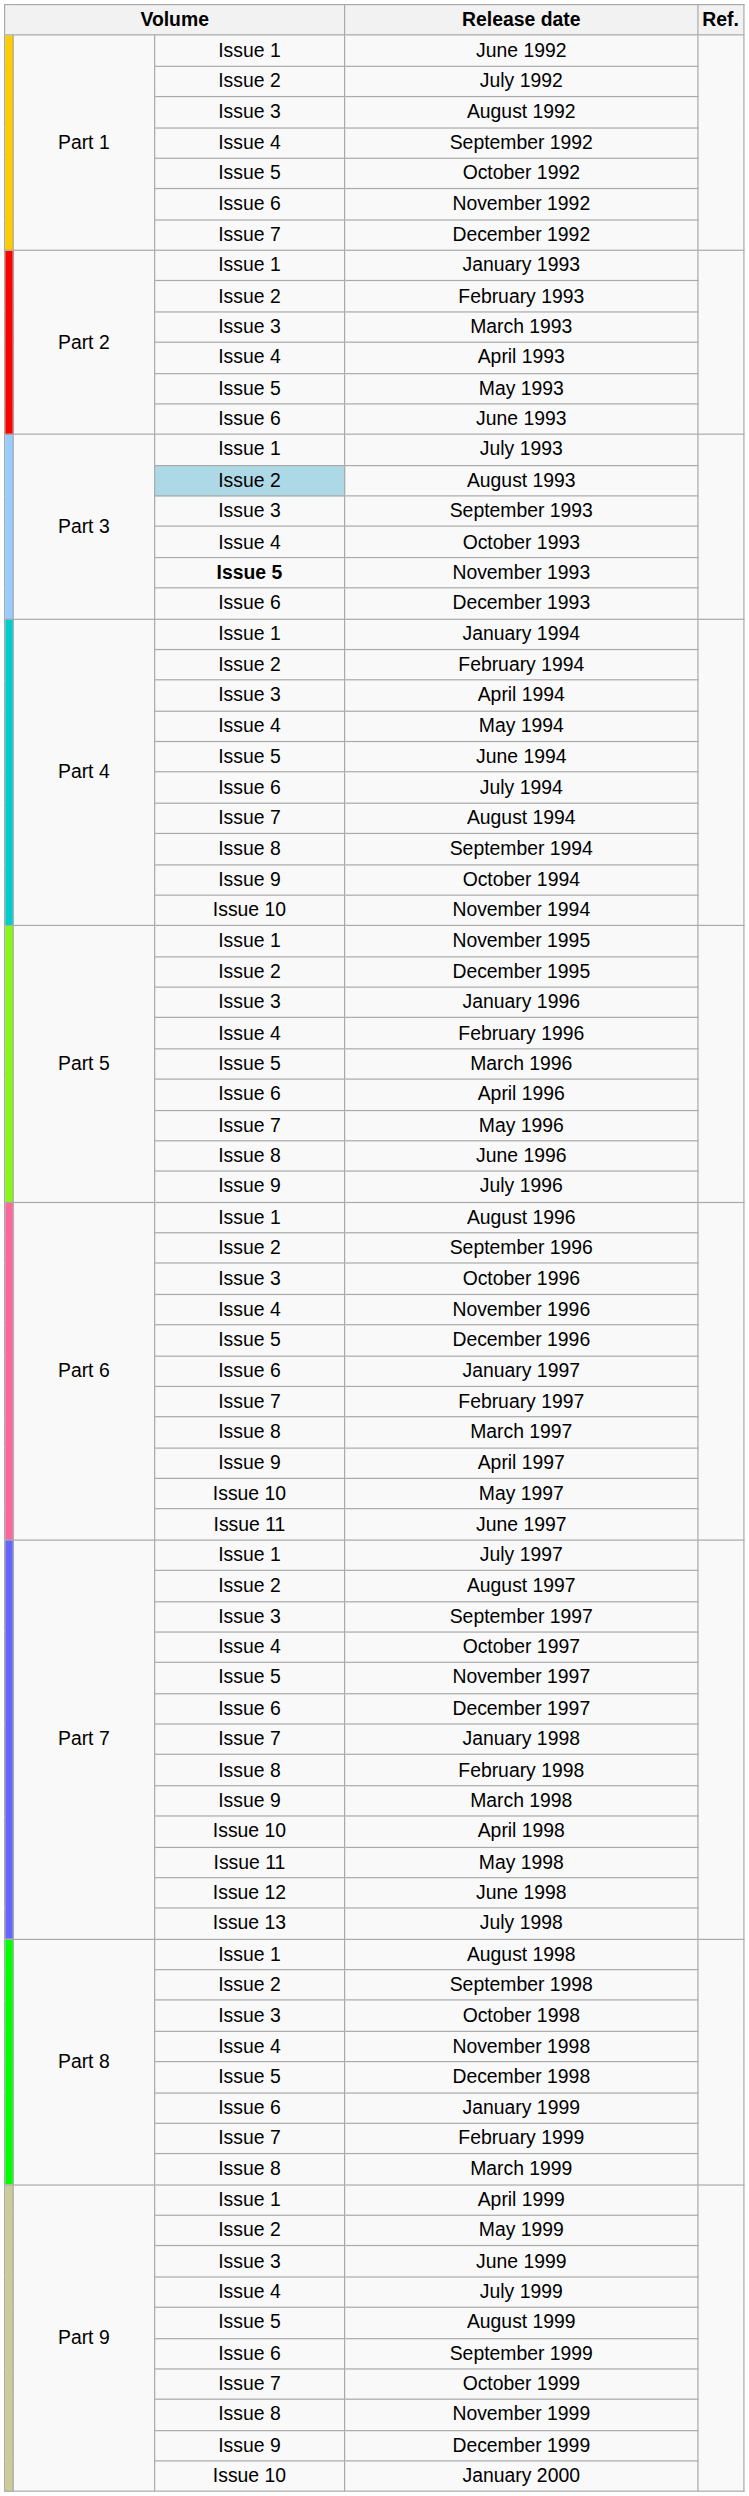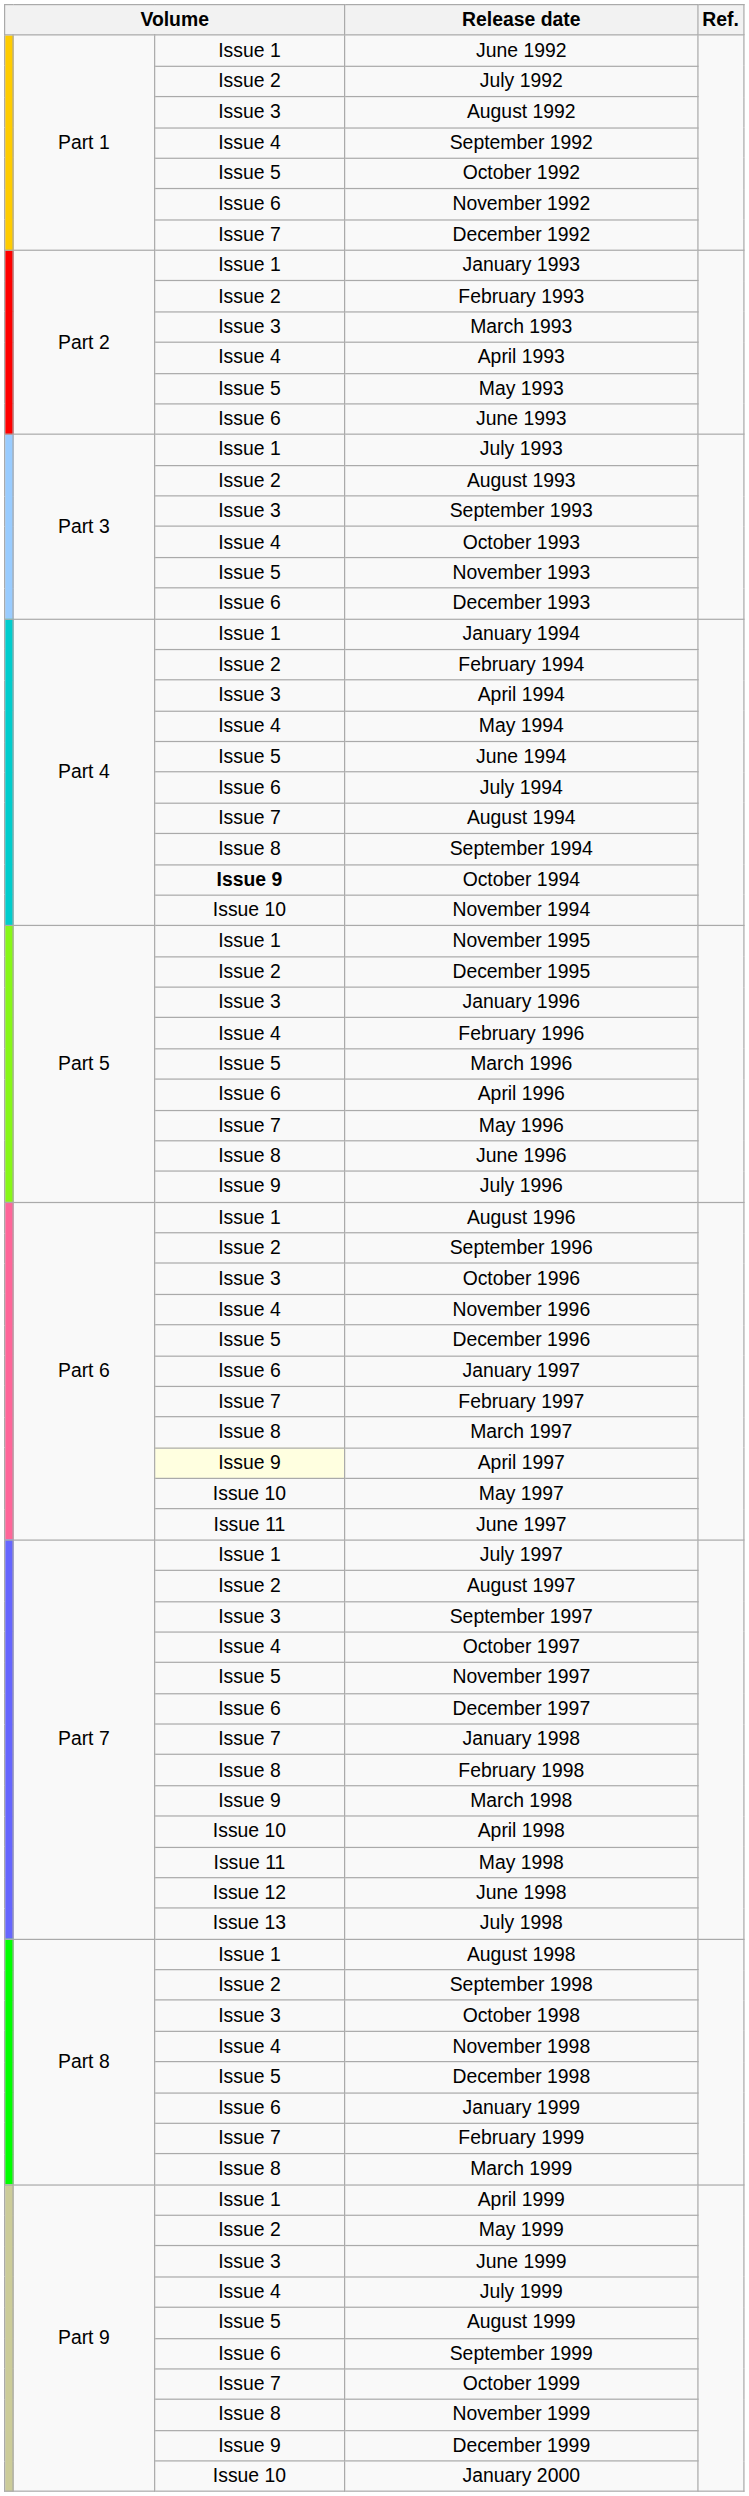 <table class="wikitable" style="text-align: center; width: 98%;">
 <tr>
 <th colspan="3">Volume</th>
 <th>Release date</th>
 <th width="5%">Ref.</th>
 </tr>
 <tr>
 <td rowspan="7" width="1%" style="background: #FFCC00;"></td>
 <td rowspan="7">Part 1</td>
 <td>Issue 1</td>
 <td>June 1992</td>
 <td rowspan="7"></td>
 </tr>
 <tr>
 <td>Issue 2</td>
 <td>July 1992</td>
 </tr>
 <tr>
 <td>Issue 3</td>
 <td>August 1992</td>
 </tr>
 <tr>
 <td>Issue 4</td>
 <td>September 1992</td>
 </tr>
 <tr>
 <td>Issue 5</td>
 <td>October 1992</td>
 </tr>
 <tr>
 <td>Issue 6</td>
 <td>November 1992</td>
 </tr>
 <tr>
 <td>Issue 7</td>
 <td>December 1992</td>
 </tr>
 <tr>
 <td rowspan="6" width="1%" style="background: #FF0000;"></td>
 <td rowspan="6">Part 2</td>
 <td>Issue 1</td>
 <td>January 1993</td>
 <td rowspan="6"></td>
 </tr>
 <tr>
 <td>Issue 2</td>
 <td>February 1993</td>
 </tr>
 <tr>
 <td>Issue 3</td>
 <td>March 1993</td>
 </tr>
 <tr>
 <td>Issue 4</td>
 <td>April 1993</td>
 </tr>
 <tr>
 <td>Issue 5</td>
 <td>May 1993</td>
 </tr>
 <tr>
 <td>Issue 6</td>
 <td>June 1993</td>
 </tr>
 <tr>
 <td rowspan="6" width="1%" style="background: #99CCFF;"></td>
 <td rowspan="6">Part 3</td>
 <td>Issue 1</td>
 <td>July 1993</td>
 <td rowspan="6"></td>
 </tr>
 <tr>
-<td style="background: lightblue;">Issue 2</td>
+<td>Issue 2</td>
 <td>August 1993</td>
 </tr>
 <tr>
 <td>Issue 3</td>
 <td>September 1993</td>
 </tr>
 <tr>
 <td>Issue 4</td>
 <td>October 1993</td>
 </tr>
 <tr>
-<td><strong>Issue 5</strong></td>
+<td>Issue 5</td>
 <td>November 1993</td>
 </tr>
 <tr>
 <td>Issue 6</td>
 <td>December 1993</td>
 </tr>
 <tr>
 <td rowspan="10" width="1%" style="background: #00CDCD;"></td>
 <td rowspan="10">Part 4</td>
 <td>Issue 1</td>
 <td>January 1994</td>
 <td rowspan="10"></td>
 </tr>
 <tr>
 <td>Issue 2</td>
 <td>February 1994</td>
 </tr>
 <tr>
 <td>Issue 3</td>
 <td>April 1994</td>
 </tr>
 <tr>
 <td>Issue 4</td>
 <td>May 1994</td>
 </tr>
 <tr>
 <td>Issue 5</td>
 <td>June 1994</td>
 </tr>
 <tr>
 <td>Issue 6</td>
 <td>July 1994</td>
 </tr>
 <tr>
 <td>Issue 7</td>
 <td>August 1994</td>
 </tr>
 <tr>
 <td>Issue 8</td>
 <td>September 1994</td>
 </tr>
 <tr>
-<td>Issue 9</td>
+<td><strong>Issue 9</strong></td>
 <td>October 1994</td>
 </tr>
 <tr>
 <td>Issue 10</td>
 <td>November 1994</td>
 </tr>
 <tr>
 <td rowspan="9" width="1%" style="background: #87F717;"></td>
 <td rowspan="9">Part 5</td>
 <td>Issue 1</td>
 <td>November 1995</td>
 <td rowspan="9"></td>
 </tr>
 <tr>
 <td>Issue 2</td>
 <td>December 1995</td>
 </tr>
 <tr>
 <td>Issue 3</td>
 <td>January 1996</td>
 </tr>
 <tr>
 <td>Issue 4</td>
 <td>February 1996</td>
 </tr>
 <tr>
 <td>Issue 5</td>
 <td>March 1996</td>
 </tr>
 <tr>
 <td>Issue 6</td>
 <td>April 1996</td>
 </tr>
 <tr>
 <td>Issue 7</td>
 <td>May 1996</td>
 </tr>
 <tr>
 <td>Issue 8</td>
 <td>June 1996</td>
 </tr>
 <tr>
 <td>Issue 9</td>
 <td>July 1996</td>
 </tr>
 <tr>
 <td rowspan="11" width="1%" style="background: #FF6699;"></td>
 <td rowspan="11">Part 6</td>
 <td>Issue 1</td>
 <td>August 1996</td>
 <td rowspan="11"></td>
 </tr>
 <tr>
 <td>Issue 2</td>
 <td>September 1996</td>
 </tr>
 <tr>
 <td>Issue 3</td>
 <td>October 1996</td>
 </tr>
 <tr>
 <td>Issue 4</td>
 <td>November 1996</td>
 </tr>
 <tr>
 <td>Issue 5</td>
 <td>December 1996</td>
 </tr>
 <tr>
 <td>Issue 6</td>
 <td>January 1997</td>
 </tr>
 <tr>
 <td>Issue 7</td>
 <td>February 1997</td>
 </tr>
 <tr>
 <td>Issue 8</td>
 <td>March 1997</td>
 </tr>
 <tr>
-<td>Issue 9</td>
+<td style="background: lightyellow;">Issue 9</td>
 <td>April 1997</td>
 </tr>
 <tr>
 <td>Issue 10</td>
 <td>May 1997</td>
 </tr>
 <tr>
 <td>Issue 11</td>
 <td>June 1997</td>
 </tr>
 <tr>
 <td rowspan="13" width="1%" style="background: #6666FF;"></td>
 <td rowspan="13">Part 7</td>
 <td>Issue 1</td>
 <td>July 1997</td>
 <td rowspan="13"></td>
 </tr>
 <tr>
 <td>Issue 2</td>
 <td>August 1997</td>
 </tr>
 <tr>
 <td>Issue 3</td>
 <td>September 1997</td>
 </tr>
 <tr>
 <td>Issue 4</td>
 <td>October 1997</td>
 </tr>
 <tr>
 <td>Issue 5</td>
 <td>November 1997</td>
 </tr>
 <tr>
 <td>Issue 6</td>
 <td>December 1997</td>
 </tr>
 <tr>
 <td>Issue 7</td>
 <td>January 1998</td>
 </tr>
 <tr>
 <td>Issue 8</td>
 <td>February 1998</td>
 </tr>
 <tr>
 <td>Issue 9</td>
 <td>March 1998</td>
 </tr>
 <tr>
 <td>Issue 10</td>
 <td>April 1998</td>
 </tr>
 <tr>
 <td>Issue 11</td>
 <td>May 1998</td>
 </tr>
 <tr>
 <td>Issue 12</td>
 <td>June 1998</td>
 </tr>
 <tr>
 <td>Issue 13</td>
 <td>July 1998</td>
 </tr>
 <tr>
 <td rowspan="8" width="1%" style="background: #00FF00;"></td>
 <td rowspan="8">Part 8</td>
 <td>Issue 1</td>
 <td>August 1998</td>
 <td rowspan="8"></td>
 </tr>
 <tr>
 <td>Issue 2</td>
 <td>September 1998</td>
 </tr>
 <tr>
 <td>Issue 3</td>
 <td>October 1998</td>
 </tr>
 <tr>
 <td>Issue 4</td>
 <td>November 1998</td>
 </tr>
 <tr>
 <td>Issue 5</td>
 <td>December 1998</td>
 </tr>
 <tr>
 <td>Issue 6</td>
 <td>January 1999</td>
 </tr>
 <tr>
 <td>Issue 7</td>
 <td>February 1999</td>
 </tr>
 <tr>
 <td>Issue 8</td>
 <td>March 1999</td>
 </tr>
 <tr>
 <td rowspan="10" width="1%" style="background: #CCCC99;"></td>
 <td rowspan="10">Part 9</td>
 <td>Issue 1</td>
 <td>April 1999</td>
 <td rowspan="10"></td>
 </tr>
 <tr>
 <td>Issue 2</td>
 <td>May 1999</td>
 </tr>
 <tr>
 <td>Issue 3</td>
 <td>June 1999</td>
 </tr>
 <tr>
 <td>Issue 4</td>
 <td>July 1999</td>
 </tr>
 <tr>
 <td>Issue 5</td>
 <td>August 1999</td>
 </tr>
 <tr>
 <td>Issue 6</td>
 <td>September 1999</td>
 </tr>
 <tr>
 <td>Issue 7</td>
 <td>October 1999</td>
 </tr>
 <tr>
 <td>Issue 8</td>
 <td>November 1999</td>
 </tr>
 <tr>
 <td>Issue 9</td>
 <td>December 1999</td>
 </tr>
 <tr>
 <td>Issue 10</td>
 <td>January 2000</td>
 </tr>
 </table>
